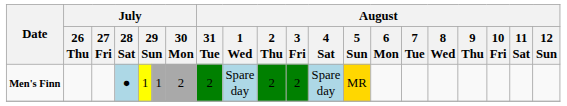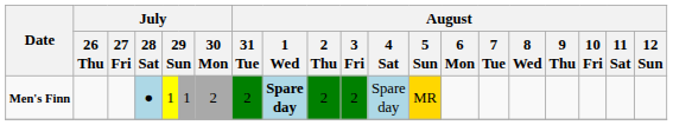 <table class="wikitable" style="margin:0.5em auto; font-size:90%; line-height:1.25em;">
 <tr>
 <th rowspan=2>Date</th>
 <th colspan=6>July</th>
 <th colspan=13>August</th>
 </tr>
 <tr>
 <th>26<br>Thu</th>
 <th>27<br>Fri</th>
 <th>28<br>Sat</th>
 <th colspan=2>29<br>Sun</th>
 <th>30<br>Mon</th>
 <th>31<br>Tue</th>
 <th>1<br>Wed</th>
 <th>2<br>Thu</th>
 <th>3<br>Fri</th>
 <th>4<br>Sat</th>
 <th>5<br>Sun</th>
 <th>6<br>Mon</th>
 <th>7<br>Tue</th>
 <th>8<br>Wed</th>
 <th>9<br>Thu</th>
 <th>10<br>Fri</th>
 <th>11<br>Sat</th>
 <th>12<br>Sun</th>
 </tr>
 <tr align="center">
 <td align="right"><small><strong>Men's Finn</strong></small></td>
 <td></td>
 <td></td>
 <td bgcolor=LightBlue><span> ● </span></td>
 <td bgcolor=Yellow><span> 1 </span></td>
 <td bgcolor=DarkGrey><span> 1 </span></td>
 <td bgcolor=DarkGrey><span> 2 </span></td>
 <td bgcolor=Green><span> 2 </span></td>
-<td bgcolor=LightBlue><span> Spare<br>day </span></td>
+<td bgcolor=LightBlue><strong><span> Spare<br>day </span></strong></td>
 <td bgcolor=Green><span> 2 </span></td>
 <td bgcolor=Green><span> 2 </span></td>
 <td bgcolor=LightBlue><span> Spare<br>day </span></td>
 <td bgcolor=Gold><span> MR </span></td>
 <td></td>
 <td></td>
 <td></td>
 <td></td>
 <td></td>
 <td></td>
 <td></td>
 </tr>
 <tr>
 </tr>
 </table>
